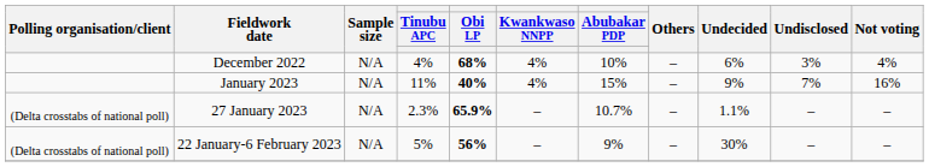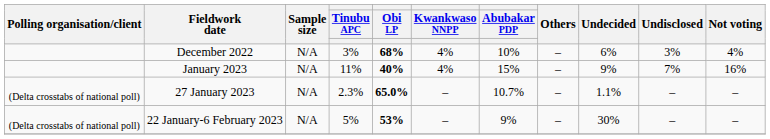 <table class="wikitable" style="text-align:center;font-size:95%;line-height:14px;">
 <tr>
 <th rowspan="3">Polling organisation/client</th>
 <th rowspan="3">Fieldwork<br>date</th>
 <th rowspan="3">Sample<br>size</th>
 <th></th>
 <th></th>
 <th></th>
 <th></th>
 <th rowspan="3">Others</th>
 <th rowspan="3">Undecided</th>
 <th rowspan="3">Undisclosed</th>
 <th rowspan="3">Not voting</th>
 </tr>
 <tr>
 <th><a href='#'>Tinubu</a><br><small><a href='#'>APC</a></small></th>
 <th><a href='#'>Obi</a><br><small><a href='#'>LP</a></small></th>
 <th><a href='#'>Kwankwaso</a><br><small><a href='#'>NNPP</a></small></th>
 <th><a href='#'>Abubakar</a><br><small><a href='#'>PDP</a></small></th>
 </tr>
 <tr>
 <th style="background:"></th>
 <th style="background:"></th>
 <th style="background:"></th>
 <th style="background:"></th>
 </tr>
 <tr>
 <td></td>
 <td>December 2022</td>
 <td>N/A</td>
-<td>4%</td>
+<td>3%</td>
 <td><strong>68%</strong></td>
 <td>4%</td>
 <td>10%</td>
 <td>–</td>
 <td>6%</td>
 <td>3%</td>
 <td>4%</td>
 </tr>
 <tr>
 <td></td>
 <td>January 2023</td>
 <td>N/A</td>
 <td>11%</td>
 <td><strong>40%</strong></td>
 <td>4%</td>
 <td>15%</td>
 <td>–</td>
 <td>9%</td>
 <td>7%</td>
 <td>16%</td>
 </tr>
 <tr>
 <td><br><small>(Delta crosstabs of national poll)</small></td>
 <td>27 January 2023</td>
 <td>N/A</td>
 <td>2.3%</td>
-<td><strong>65.9%</strong></td>
+<td><strong>65.0%</strong></td>
 <td>–</td>
 <td>10.7%</td>
 <td>–</td>
 <td>1.1%</td>
 <td>–</td>
 <td>–</td>
 </tr>
 <tr>
 <td><br><small>(Delta crosstabs of national poll)</small></td>
 <td>22 January-6 February 2023</td>
 <td>N/A</td>
 <td>5%</td>
-<td><strong>56%</strong></td>
+<td><strong>53%</strong></td>
 <td>–</td>
 <td>9%</td>
 <td>–</td>
 <td>30%</td>
 <td>–</td>
 <td>–</td>
 </tr>
 <tr>
 </tr>
 </table>
